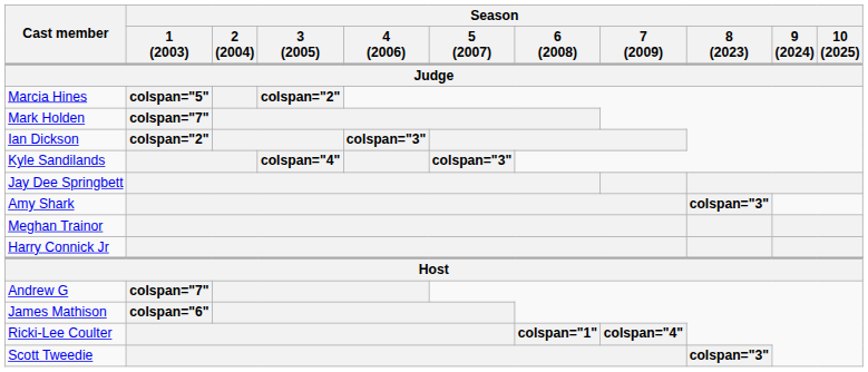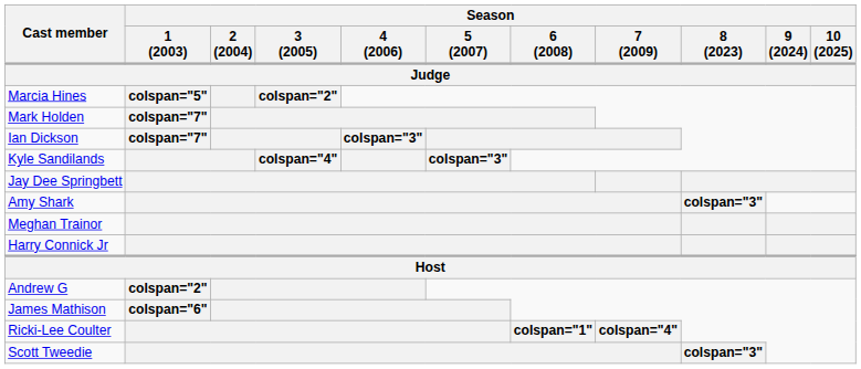 <table class="wikitable">
 <tr>
 <th rowspan="2">Cast member</th>
 <th colspan="10">Season</th>
 </tr>
 <tr>
 <th>1<br>(2003)</th>
 <th>2<br>(2004)</th>
 <th>3<br>(2005)</th>
 <th>4<br>(2006)</th>
 <th>5<br>(2007)</th>
 <th>6<br>(2008)</th>
 <th>7<br>(2009)</th>
 <th>8<br>(2023)</th>
 <th>9<br>(2024)</th>
 <th>10<br>(2025)</th>
 </tr>
 <tr style="border-top:3px solid #aaa;">
 <th colspan="11">Judge</th>
 </tr>
 <tr>
 <td><a href='#'>Marcia Hines</a></td>
 <th>colspan="5" </th>
 <th></th>
 <th>colspan="2" </th>
 </tr>
 <tr>
 <td><a href='#'>Mark Holden</a></td>
 <th>colspan="7" </th>
 <th colspan="5"></th>
 </tr>
 <tr>
 <td><a href='#'>Ian Dickson</a></td>
-<th>colspan="2" </th>
+<th>colspan="7" </th>
 <th colspan="2"></th>
 <th>colspan="3" </th>
 <th colspan="3"></th>
 </tr>
 <tr>
 <td><a href='#'>Kyle Sandilands</a></td>
 <th colspan="2"></th>
 <th>colspan="4" </th>
 <th></th>
 <th>colspan="3" </th>
 </tr>
 <tr>
 <td><a href='#'>Jay Dee Springbett</a></td>
 <th colspan="6"></th>
 <th></th>
 <th colspan="3"></th>
 </tr>
 <tr>
 <td><a href='#'>Amy Shark</a></td>
 <th colspan="7"></th>
 <th>colspan="3" </th>
 </tr>
 <tr>
 <td><a href='#'>Meghan Trainor</a></td>
 <th colspan="7"></th>
 <th></th>
 <th colspan="2"></th>
 </tr>
 <tr>
 <td><a href='#'>Harry Connick Jr</a></td>
 <th colspan="7"></th>
 <th></th>
 <th colspan="2"></th>
 </tr>
 <tr>
 </tr>
 <tr style="border-top:3px solid #aaa;">
 <th colspan="11">Host</th>
 </tr>
 <tr>
 <td><a href='#'>Andrew G</a></td>
-<th>colspan="7" </th>
+<th>colspan="2" </th>
 <th colspan="3"></th>
 </tr>
 <tr>
 <td><a href='#'>James Mathison</a></td>
 <th>colspan="6" </th>
 <th colspan="4"></th>
 </tr>
 <tr>
 <td><a href='#'>Ricki-Lee Coulter</a></td>
 <th colspan="5"></th>
 <th>colspan="1" </th>
 <th>colspan="4" </th>
 </tr>
 <tr>
 <td><a href='#'>Scott Tweedie</a></td>
 <th colspan="7"></th>
 <th>colspan="3" </th>
 </tr>
 </table>
